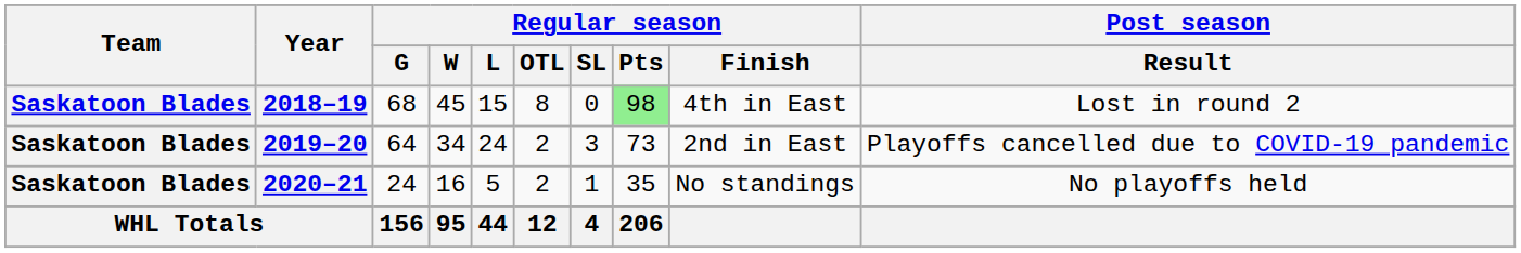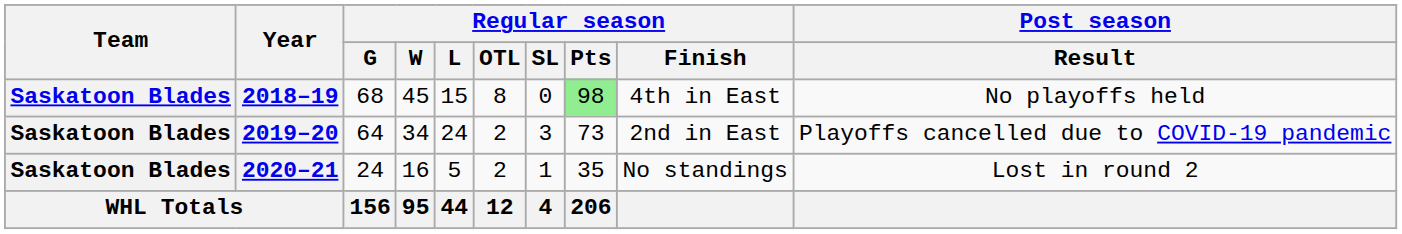 <table class="wikitable" style="font-size: 95%; text-align:center;">
 <tr>
 <th rowspan="2">Team</th>
 <th rowspan="2">Year</th>
 <th colspan="7"><a href='#'>Regular season</a></th>
 <th colspan="1"><a href='#'>Post season</a></th>
 </tr>
 <tr>
 <th>G</th>
 <th>W</th>
 <th>L</th>
 <th>OTL</th>
 <th>SL</th>
 <th>Pts</th>
 <th>Finish</th>
 <th>Result</th>
 </tr>
 <tr>
 <th><a href='#'>Saskatoon Blades</a></th>
 <th><a href='#'>2018–19</a></th>
 <td>68</td>
 <td>45</td>
 <td>15</td>
 <td>8</td>
 <td>0</td>
 <td style="background: lightgreen;">98</td>
 <td>4th in East</td>
-<td>Lost in round 2</td>
+<td>No playoffs held</td>
 </tr>
 <tr>
 <th>Saskatoon Blades</th>
 <th><a href='#'>2019–20</a></th>
 <td>64</td>
 <td>34</td>
 <td>24</td>
 <td>2</td>
 <td>3</td>
 <td>73</td>
 <td>2nd in East</td>
 <td>Playoffs cancelled due to <a href='#'>COVID-19 pandemic</a></td>
 </tr>
 <tr>
 <th>Saskatoon Blades</th>
 <th><a href='#'>2020–21</a></th>
 <td>24</td>
 <td>16</td>
 <td>5</td>
 <td>2</td>
 <td>1</td>
 <td>35</td>
 <td>No standings</td>
-<td>No playoffs held</td>
+<td>Lost in round 2</td>
 </tr>
 <tr>
 <th colspan="2">WHL Totals</th>
 <th>156</th>
 <th>95</th>
 <th>44</th>
 <th>12</th>
 <th>4</th>
 <th>206</th>
 <th></th>
 <th></th>
 </tr>
 </table>
